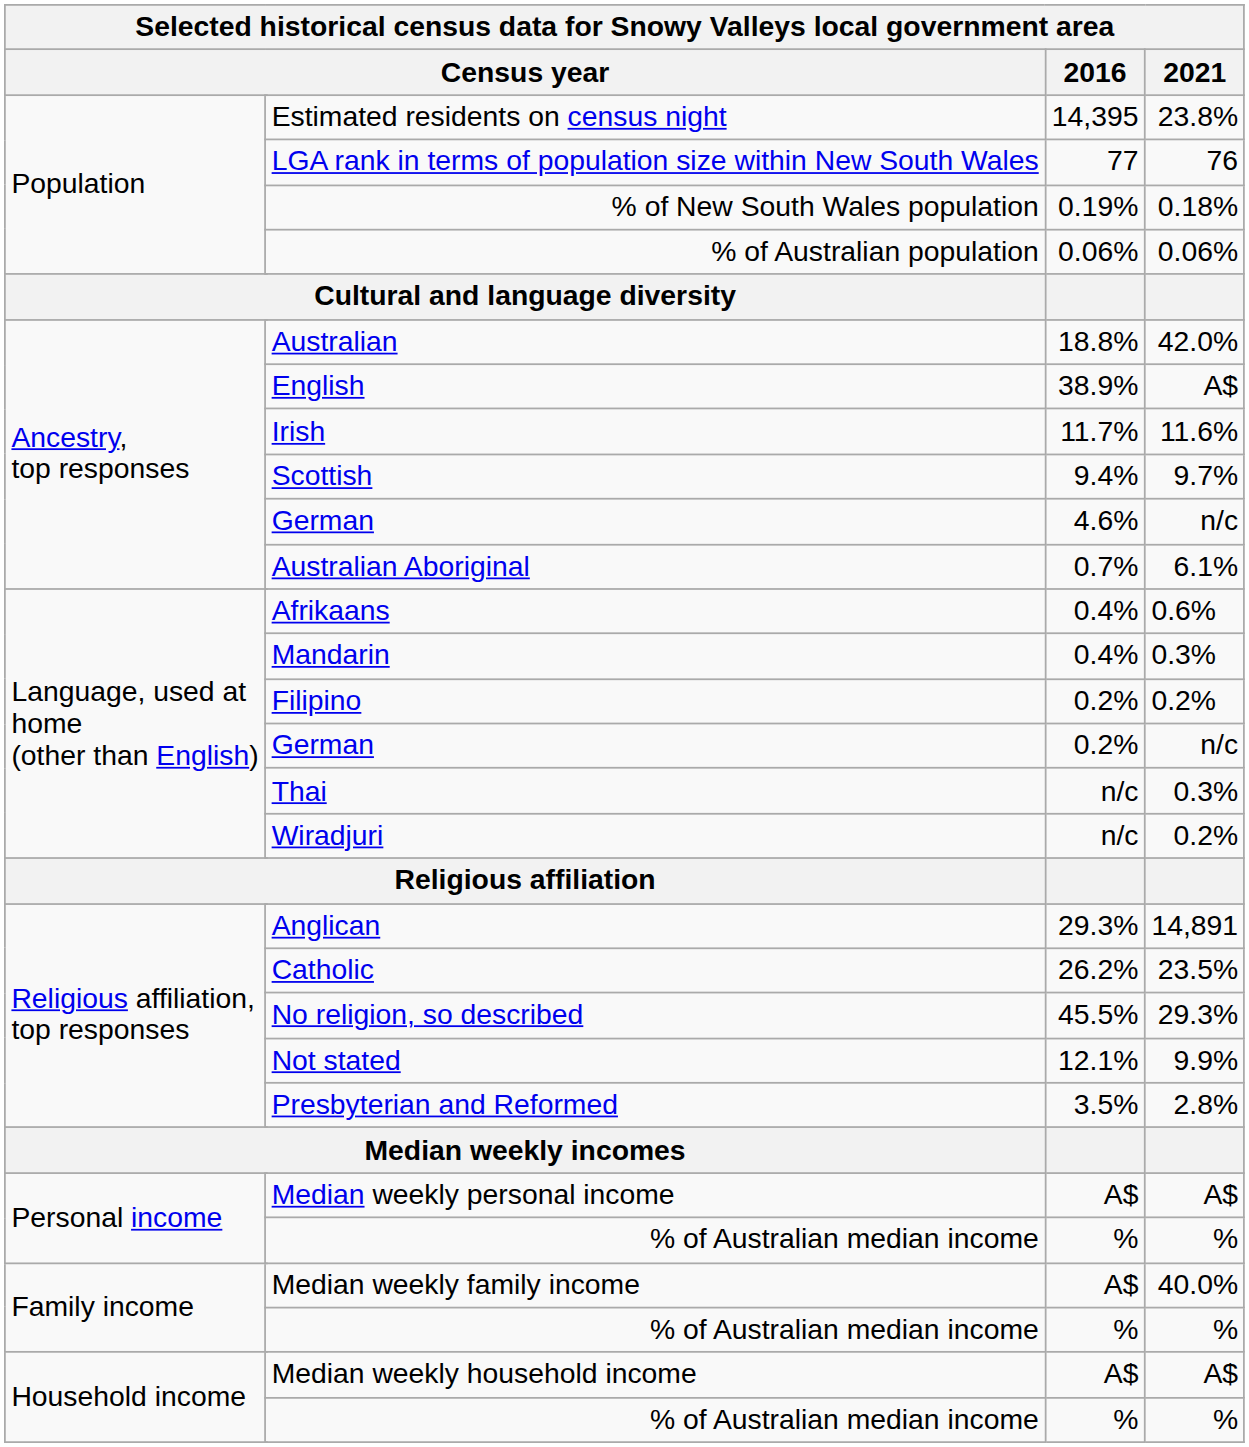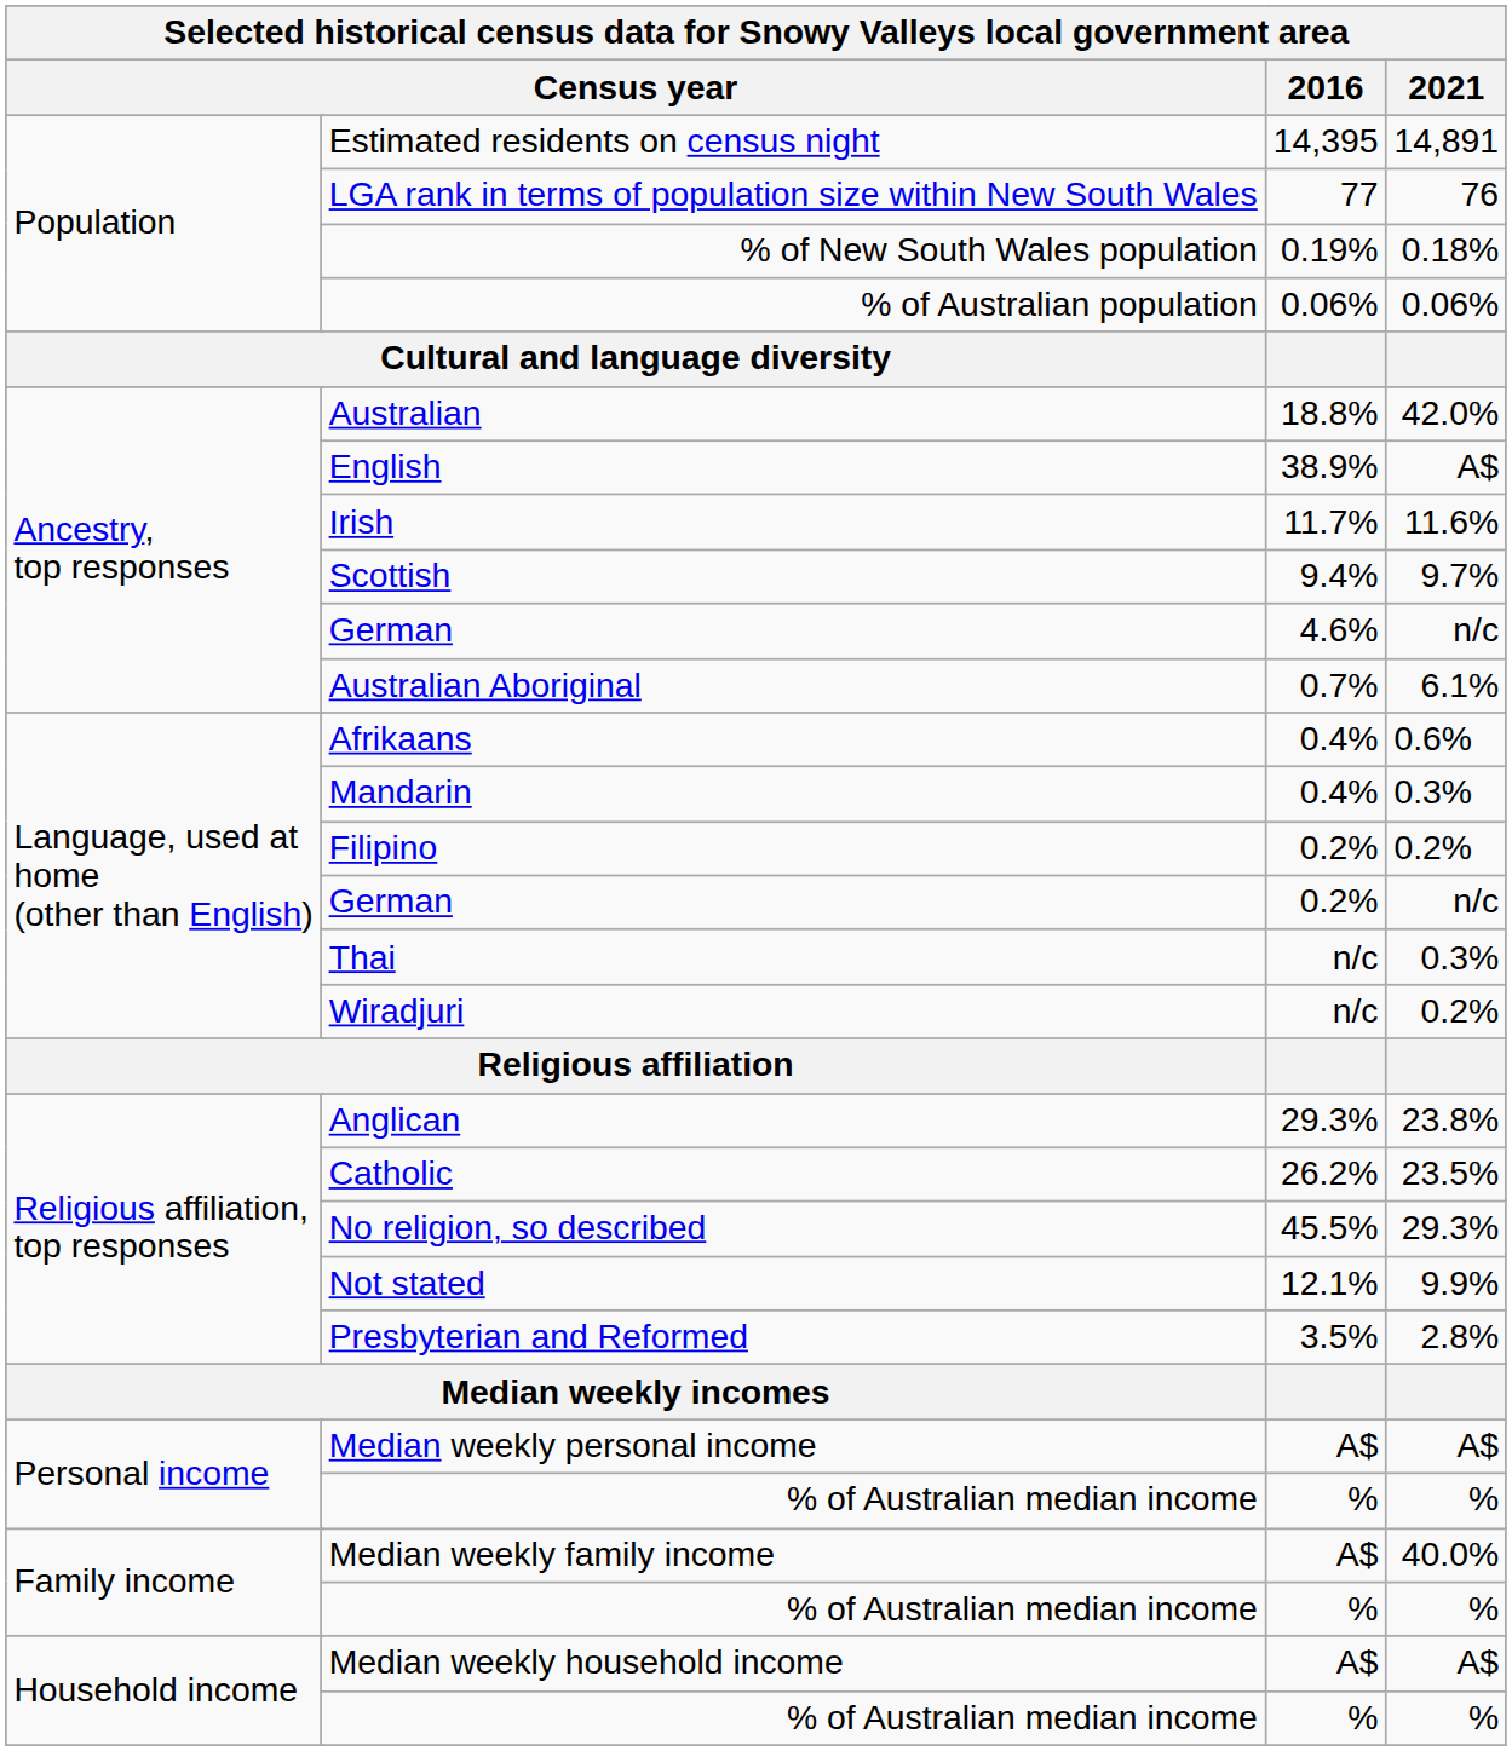 <table class="wikitable">
 <tr>
 <th colspan="6">Selected historical census data for Snowy Valleys local government area</th>
 </tr>
 <tr>
 <th colspan="3">Census year</th>
 <th>2016</th>
 <th>2021</th>
 </tr>
 <tr>
 <td colspan="2" rowspan="4">Population</td>
 <td>Estimated residents on <a href='#'>census night</a></td>
 <td align="right">14,395</td>
-<td align="right"> 23.8%</td>
+<td align="right"> 14,891</td>
 </tr>
 <tr>
 <td align="right"><a href='#'>LGA rank in terms of population size within New South Wales</a></td>
 <td align="right">77</td>
 <td align="right">76</td>
 </tr>
 <tr>
 <td align="right">% of New South Wales population</td>
 <td align="right">0.19%</td>
 <td align="right"> 0.18%</td>
 </tr>
 <tr>
 <td align="right">% of Australian population</td>
 <td align="right">0.06%</td>
 <td align="right"> 0.06%</td>
 </tr>
 <tr>
 <th colspan="3">Cultural and language diversity</th>
 <th></th>
 <th></th>
 </tr>
 <tr>
 <td colspan="2" rowspan="6"><a href='#'>Ancestry</a>,<br>top responses</td>
 <td><a href='#'>Australian</a></td>
 <td align="right">18.8%</td>
 <td align="right"> 42.0%</td>
 </tr>
 <tr>
 <td><a href='#'>English</a></td>
 <td align="right">38.9%</td>
 <td align="right">A$</td>
 </tr>
 <tr>
 <td><a href='#'>Irish</a></td>
 <td align="right">11.7%</td>
 <td align="right"> 11.6%</td>
 </tr>
 <tr>
 <td><a href='#'>Scottish</a></td>
 <td align="right">9.4%</td>
 <td align="right"> 9.7%</td>
 </tr>
 <tr>
 <td><a href='#'>German</a></td>
 <td align="right">4.6%</td>
 <td align="right">n/c</td>
 </tr>
 <tr>
 <td><a href='#'>Australian Aboriginal</a></td>
 <td align="right">0.7%</td>
 <td align="right"> 6.1%</td>
 </tr>
 <tr>
 <td colspan="2" rowspan="6">Language, used at<br>home<br>(other than <a href='#'>English</a>)</td>
 <td><a href='#'>Afrikaans</a></td>
 <td align="right">0.4%</td>
 <td> 0.6%</td>
 </tr>
 <tr>
 <td><a href='#'>Mandarin</a></td>
 <td align="right">0.4%</td>
 <td> 0.3%</td>
 </tr>
 <tr>
 <td><a href='#'>Filipino</a></td>
 <td align="right">0.2%</td>
 <td> 0.2%</td>
 </tr>
 <tr>
 <td><a href='#'>German</a></td>
 <td align="right">0.2%</td>
 <td align="right">n/c</td>
 </tr>
 <tr>
 <td><a href='#'>Thai</a></td>
 <td align="right">n/c</td>
 <td align="right"> 0.3%</td>
 </tr>
 <tr>
 <td><a href='#'>Wiradjuri</a></td>
 <td align="right">n/c</td>
 <td align="right"> 0.2%</td>
 </tr>
 <tr>
 <th colspan="3">Religious affiliation</th>
 <th></th>
 <th></th>
 </tr>
 <tr>
 <td colspan="2" rowspan="5"><a href='#'>Religious</a> affiliation,<br>top responses</td>
 <td><a href='#'>Anglican</a></td>
 <td align="right">29.3%</td>
-<td align="right"> 14,891</td>
+<td align="right"> 23.8%</td>
 </tr>
 <tr>
 <td><a href='#'>Catholic</a></td>
 <td align="right">26.2%</td>
 <td align="right"> 23.5%</td>
 </tr>
 <tr>
 <td><a href='#'>No religion, so described</a></td>
 <td align="right">45.5%</td>
 <td align="right"> 29.3%</td>
 </tr>
 <tr>
 <td><a href='#'>Not stated</a></td>
 <td align="right">12.1%</td>
 <td align="right"> 9.9%</td>
 </tr>
 <tr>
 <td><a href='#'>Presbyterian and Reformed</a></td>
 <td align="right">3.5%</td>
 <td align="right"> 2.8%</td>
 </tr>
 <tr>
 <th colspan="3">Median weekly incomes</th>
 <th></th>
 <th></th>
 </tr>
 <tr>
 <td colspan="2" rowspan="2">Personal <a href='#'>income</a></td>
 <td><a href='#'>Median</a> weekly personal income</td>
 <td align="right">A$</td>
 <td align="right">A$</td>
 </tr>
 <tr>
 <td align="right">% of Australian median income</td>
 <td align="right">%</td>
 <td align="right">%</td>
 </tr>
 <tr>
 <td colspan="2" rowspan="2">Family income</td>
 <td>Median weekly family income</td>
 <td align="right">A$</td>
 <td align="right"> 40.0%</td>
 </tr>
 <tr>
 <td align="right">% of Australian median income</td>
 <td align="right">%</td>
 <td align="right">%</td>
 </tr>
 <tr>
 <td colspan="2" rowspan="2">Household income</td>
 <td>Median weekly household income</td>
 <td align="right">A$</td>
 <td align="right">A$</td>
 </tr>
 <tr>
 <td align="right">% of Australian median income</td>
 <td align="right">%</td>
 <td align="right">%</td>
 </tr>
 </table>
